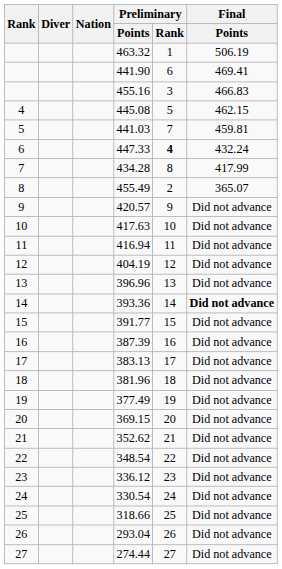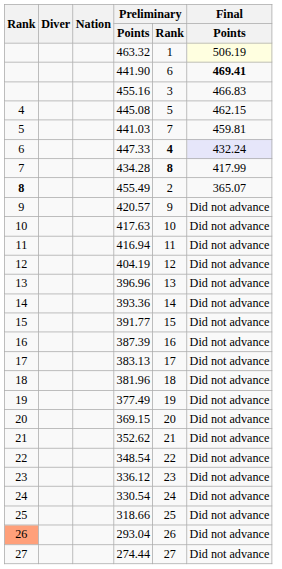 <table class="wikitable sortable" style="text-align:center;">
 <tr>
 <th rowspan=2>Rank</th>
 <th rowspan=2>Diver</th>
 <th rowspan=2>Nation</th>
 <th colspan=2>Preliminary</th>
 <th>Final</th>
 </tr>
 <tr>
 <th>Points</th>
 <th>Rank</th>
 <th>Points</th>
 </tr>
 <tr>
 <td></td>
 <td align=left></td>
 <td align=left></td>
 <td>463.32</td>
 <td>1</td>
-<td>506.19</td>
+<td style="background: lightyellow;">506.19</td>
 </tr>
 <tr>
 <td></td>
 <td align=left></td>
 <td align=left></td>
 <td>441.90</td>
 <td>6</td>
-<td>469.41</td>
+<td><strong>469.41</strong></td>
 </tr>
 <tr>
 <td></td>
 <td align=left></td>
 <td align=left></td>
 <td>455.16</td>
 <td>3</td>
 <td>466.83</td>
 </tr>
 <tr>
 <td>4</td>
 <td align=left></td>
 <td align=left></td>
 <td>445.08</td>
 <td>5</td>
 <td>462.15</td>
 </tr>
 <tr>
 <td>5</td>
 <td align=left></td>
 <td align=left></td>
 <td>441.03</td>
 <td>7</td>
 <td>459.81</td>
 </tr>
 <tr>
 <td>6</td>
 <td align=left></td>
 <td align=left></td>
 <td>447.33</td>
 <td><strong>4</strong></td>
-<td>432.24</td>
+<td style="background: lavender;">432.24</td>
 </tr>
 <tr>
 <td>7</td>
 <td align=left></td>
 <td align=left></td>
 <td>434.28</td>
-<td>8</td>
+<td><strong>8</strong></td>
 <td>417.99</td>
 </tr>
 <tr>
-<td>8</td>
+<td><strong>8</strong></td>
 <td align=left></td>
 <td align=left></td>
 <td>455.49</td>
 <td>2</td>
 <td>365.07</td>
 </tr>
 <tr>
 <td>9</td>
 <td align=left></td>
 <td align=left></td>
 <td>420.57</td>
 <td>9</td>
 <td>Did not advance</td>
 </tr>
 <tr>
 <td>10</td>
 <td align=left></td>
 <td align=left></td>
 <td>417.63</td>
 <td>10</td>
 <td>Did not advance</td>
 </tr>
 <tr>
 <td>11</td>
 <td align=left></td>
 <td align=left></td>
 <td>416.94</td>
 <td>11</td>
 <td>Did not advance</td>
 </tr>
 <tr>
 <td>12</td>
 <td align=left></td>
 <td align=left></td>
 <td>404.19</td>
 <td>12</td>
 <td>Did not advance</td>
 </tr>
 <tr>
 <td>13</td>
 <td align=left></td>
 <td align=left></td>
 <td>396.96</td>
 <td>13</td>
 <td>Did not advance</td>
 </tr>
 <tr>
 <td>14</td>
 <td align=left></td>
 <td align=left></td>
 <td>393.36</td>
 <td>14</td>
-<td><strong>Did not advance</strong></td>
+<td>Did not advance</td>
 </tr>
 <tr>
 <td>15</td>
 <td align=left></td>
 <td align=left></td>
 <td>391.77</td>
 <td>15</td>
 <td>Did not advance</td>
 </tr>
 <tr>
 <td>16</td>
 <td align=left></td>
 <td align=left></td>
 <td>387.39</td>
 <td>16</td>
 <td>Did not advance</td>
 </tr>
 <tr>
 <td>17</td>
 <td align=left></td>
 <td align=left></td>
 <td>383.13</td>
 <td>17</td>
 <td>Did not advance</td>
 </tr>
 <tr>
 <td>18</td>
 <td align=left></td>
 <td align=left></td>
 <td>381.96</td>
 <td>18</td>
 <td>Did not advance</td>
 </tr>
 <tr>
 <td>19</td>
 <td align=left></td>
 <td align=left></td>
 <td>377.49</td>
 <td>19</td>
 <td>Did not advance</td>
 </tr>
 <tr>
 <td>20</td>
 <td align=left></td>
 <td align=left></td>
 <td>369.15</td>
 <td>20</td>
 <td>Did not advance</td>
 </tr>
 <tr>
 <td>21</td>
 <td align=left></td>
 <td align=left></td>
 <td>352.62</td>
 <td>21</td>
 <td>Did not advance</td>
 </tr>
 <tr>
 <td>22</td>
 <td align=left></td>
 <td align=left></td>
 <td>348.54</td>
 <td>22</td>
 <td>Did not advance</td>
 </tr>
 <tr>
 <td>23</td>
 <td align=left></td>
 <td align=left></td>
 <td>336.12</td>
 <td>23</td>
 <td>Did not advance</td>
 </tr>
 <tr>
 <td>24</td>
 <td align=left></td>
 <td align=left></td>
 <td>330.54</td>
 <td>24</td>
 <td>Did not advance</td>
 </tr>
 <tr>
 <td>25</td>
 <td align=left></td>
 <td align=left></td>
 <td>318.66</td>
 <td>25</td>
 <td>Did not advance</td>
 </tr>
 <tr>
-<td>26</td>
+<td style="background: lightsalmon;">26</td>
 <td align=left></td>
 <td align=left></td>
 <td>293.04</td>
 <td>26</td>
 <td>Did not advance</td>
 </tr>
 <tr>
 <td>27</td>
 <td align=left></td>
 <td align=left></td>
 <td>274.44</td>
 <td>27</td>
 <td>Did not advance</td>
 </tr>
 </table>
